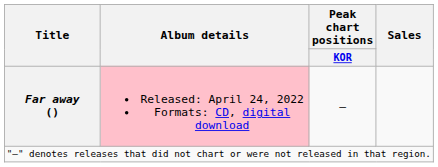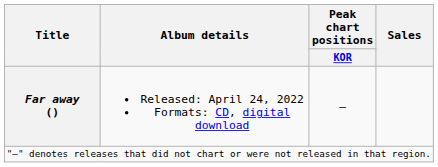 <table class="wikitable plainrowheaders" style="text-align:center;">
 <tr>
 <th scope="col" rowspan="2" style="width:8em;">Title</th>
 <th scope="col" rowspan="2" style="width:18em;">Album details</th>
 <th colspan="1">Peak chart positions</th>
 <th rowspan="2">Sales</th>
 </tr>
 <tr>
 <th scope="col" style="width:4em;font-size:90%;"><a href='#'>KOR</a><br></th>
 </tr>
 <tr>
 <th scope="row"><em>Far away</em> <br>()</th>
-<td style="background: pink;"><br><ul><li>Released: April 24, 2022</li><li>Formats: <a href='#'>CD</a>, <a href='#'>digital download</a></li></ul></td>
+<td><br><ul><li>Released: April 24, 2022</li><li>Formats: <a href='#'>CD</a>, <a href='#'>digital download</a></li></ul></td>
 <td>—</td>
 <td></td>
 </tr>
 <tr>
 <td colspan="4" style="font-size:8pt;">"—" denotes releases that did not chart or were not released in that region.</td>
 </tr>
 </table>
